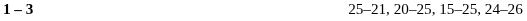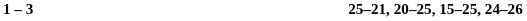 <table width=100% cellspacing=1>
 <tr>
 <th width=20%></th>
 <th width=12%></th>
 <th width=20%></th>
 <th width=33%></th>
 <td></td>
 </tr>
 <tr style=font-size:95%>
 <td align=right></td>
 <td align=center><strong>1 – 3</strong></td>
 <td><strong></strong></td>
-<td>25–21, 20–25, 15–25, 24–26</td>
+<td><strong>25–21, 20–25, 15–25, 24–26</strong></td>
 </tr>
 </table>
